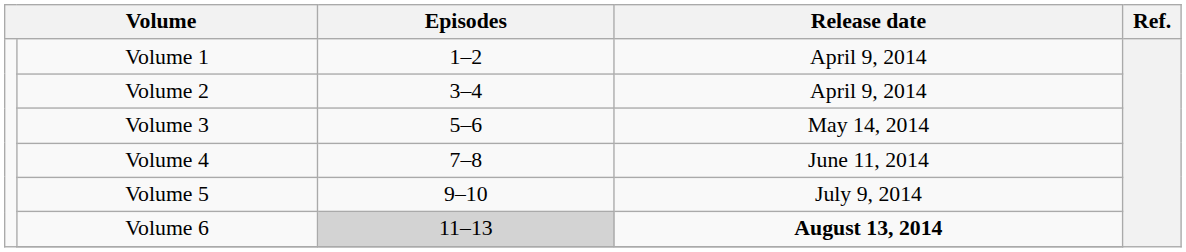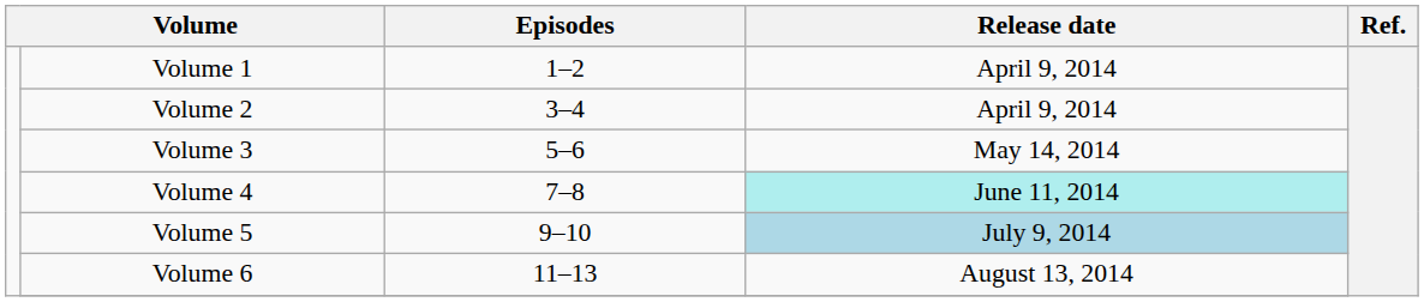 <table class="wikitable" style="text-align: center; width: 98%;">
 <tr>
 <th colspan="2">Volume</th>
 <th>Episodes</th>
 <th>Release date</th>
 <th width="5%">Ref.</th>
 </tr>
 <tr>
 <td rowspan="10" width="1%"></td>
 <td>Volume 1</td>
 <td>1–2</td>
 <td>April 9, 2014</td>
 <th rowspan="9"></th>
 </tr>
 <tr>
 <td>Volume 2</td>
 <td>3–4</td>
 <td>April 9, 2014</td>
 </tr>
 <tr>
 <td>Volume 3</td>
 <td>5–6</td>
 <td>May 14, 2014</td>
 </tr>
 <tr>
 <td>Volume 4</td>
 <td>7–8</td>
-<td>June 11, 2014</td>
+<td style="background: paleturquoise;">June 11, 2014</td>
 </tr>
 <tr>
 <td>Volume 5</td>
 <td>9–10</td>
-<td>July 9, 2014</td>
+<td style="background: lightblue;">July 9, 2014</td>
 </tr>
 <tr>
 <td>Volume 6</td>
-<td style="background: lightgrey;">11–13</td>
-<td><strong>August 13, 2014</strong></td>
+<td>11–13</td>
+<td>August 13, 2014</td>
 </tr>
 <tr>
 </tr>
 </table>
